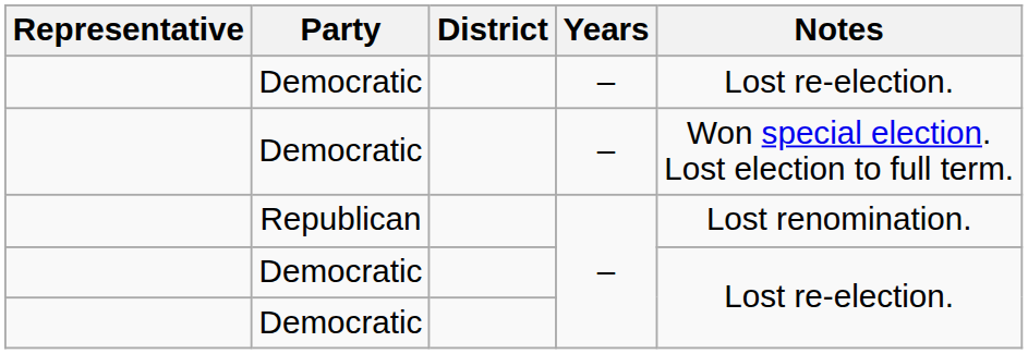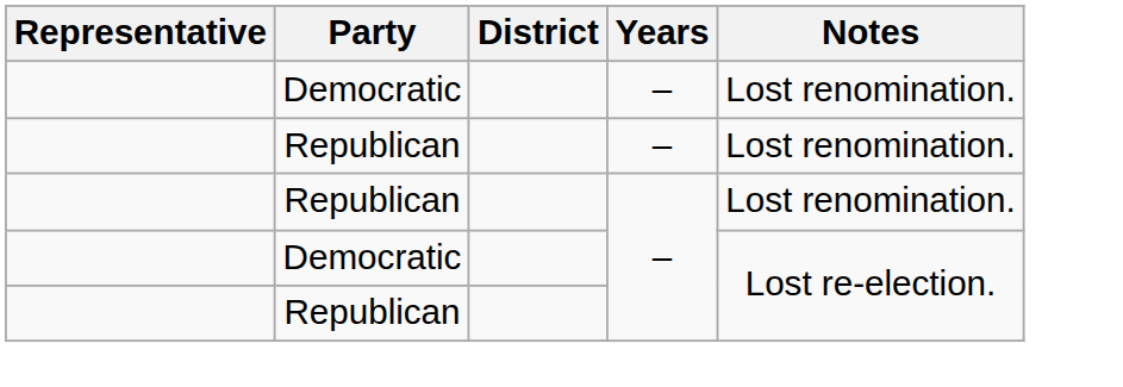 <table class="wikitable sortable" style="text-align:center">
 <tr valign=bottom>
 <th>Representative</th>
 <th>Party</th>
 <th>District</th>
 <th>Years</th>
 <th>Notes</th>
 </tr>
 <tr>
 <td align=left></td>
 <td>Democratic</td>
 <td></td>
 <td nowrap> –<br></td>
-<td>Lost re-election.</td>
+<td>Lost renomination.</td>
 </tr>
 <tr>
 <td align=left></td>
-<td>Democratic</td>
+<td>Republican</td>
 <td></td>
 <td nowrap> –<br></td>
-<td>Won <a href='#'>special election</a>.<br>Lost election to full term.</td>
+<td>Lost renomination.</td>
 </tr>
 <tr>
 <td align=left></td>
 <td>Republican</td>
 <td></td>
 <td rowspan="3" nowrap=""> –<br></td>
 <td>Lost renomination.</td>
 </tr>
 <tr>
 <td align=left></td>
 <td>Democratic</td>
 <td></td>
 <td rowspan="2">Lost re-election.</td>
 </tr>
 <tr>
 <td align=left></td>
-<td>Democratic</td>
+<td>Republican</td>
 <td></td>
 </tr>
 </table>
